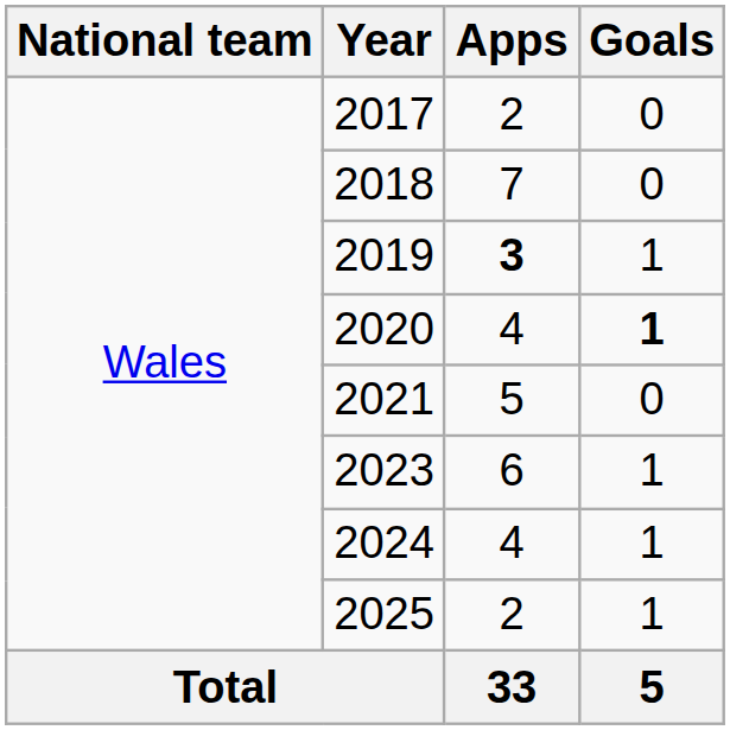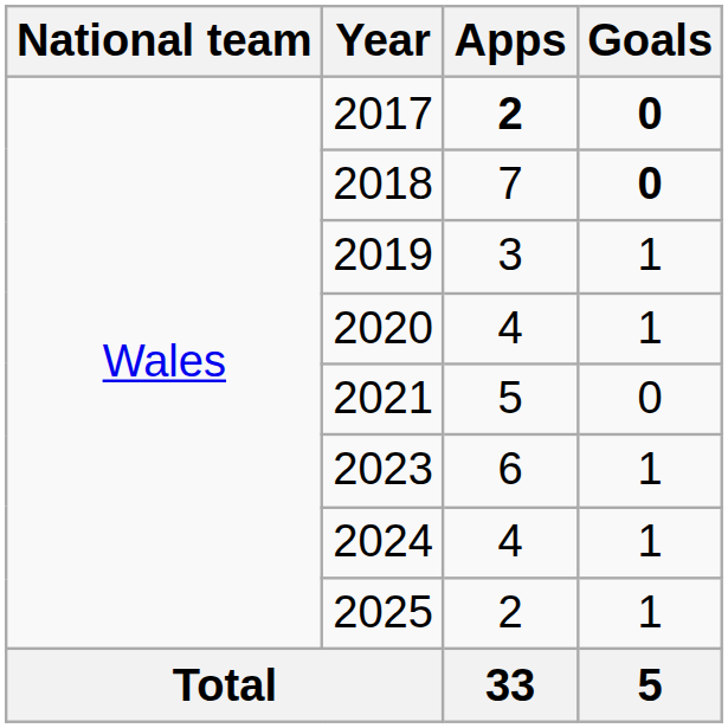 <table class=wikitable style=text-align:center>
 <tr>
 <th>National team</th>
 <th>Year</th>
 <th>Apps</th>
 <th>Goals</th>
 </tr>
 <tr>
 <td rowspan="8"><a href='#'>Wales</a></td>
 <td>2017</td>
-<td>2</td>
-<td>0</td>
+<td><strong>2</strong></td>
+<td><strong>0</strong></td>
 </tr>
 <tr>
 <td>2018</td>
 <td>7</td>
-<td>0</td>
+<td><strong>0</strong></td>
 </tr>
 <tr>
 <td>2019</td>
-<td><strong>3</strong></td>
+<td>3</td>
 <td>1</td>
 </tr>
 <tr>
 <td>2020</td>
 <td>4</td>
-<td><strong>1</strong></td>
+<td>1</td>
 </tr>
 <tr>
 <td>2021</td>
 <td>5</td>
 <td>0</td>
 </tr>
 <tr>
 <td>2023</td>
 <td>6</td>
 <td>1</td>
 </tr>
 <tr>
 <td>2024</td>
 <td>4</td>
 <td>1</td>
 </tr>
 <tr>
 <td>2025</td>
 <td>2</td>
 <td>1</td>
 </tr>
 <tr>
 <th colspan="2">Total</th>
 <th>33</th>
 <th>5</th>
 </tr>
 </table>
